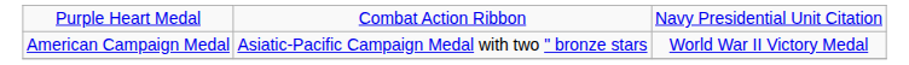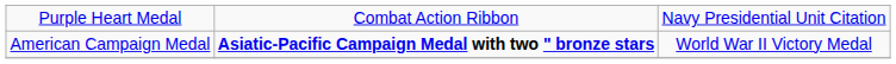 <table class="wikitable" style="margin:1em auto; text-align:center;">
 <tr>
 <td><a href='#'>Purple Heart Medal</a></td>
 <td><a href='#'>Combat Action Ribbon</a></td>
 <td><a href='#'>Navy Presidential Unit Citation</a></td>
 </tr>
 <tr>
 <td><a href='#'>American Campaign Medal</a></td>
-<td><a href='#'>Asiatic-Pacific Campaign Medal</a> with two <a href='#'>" bronze stars</a></td>
+<td><strong><a href='#'>Asiatic-Pacific Campaign Medal</a> with two <a href='#'>" bronze stars</a></strong></td>
 <td><a href='#'>World War II Victory Medal</a></td>
 </tr>
 <tr>
 </tr>
 </table>
